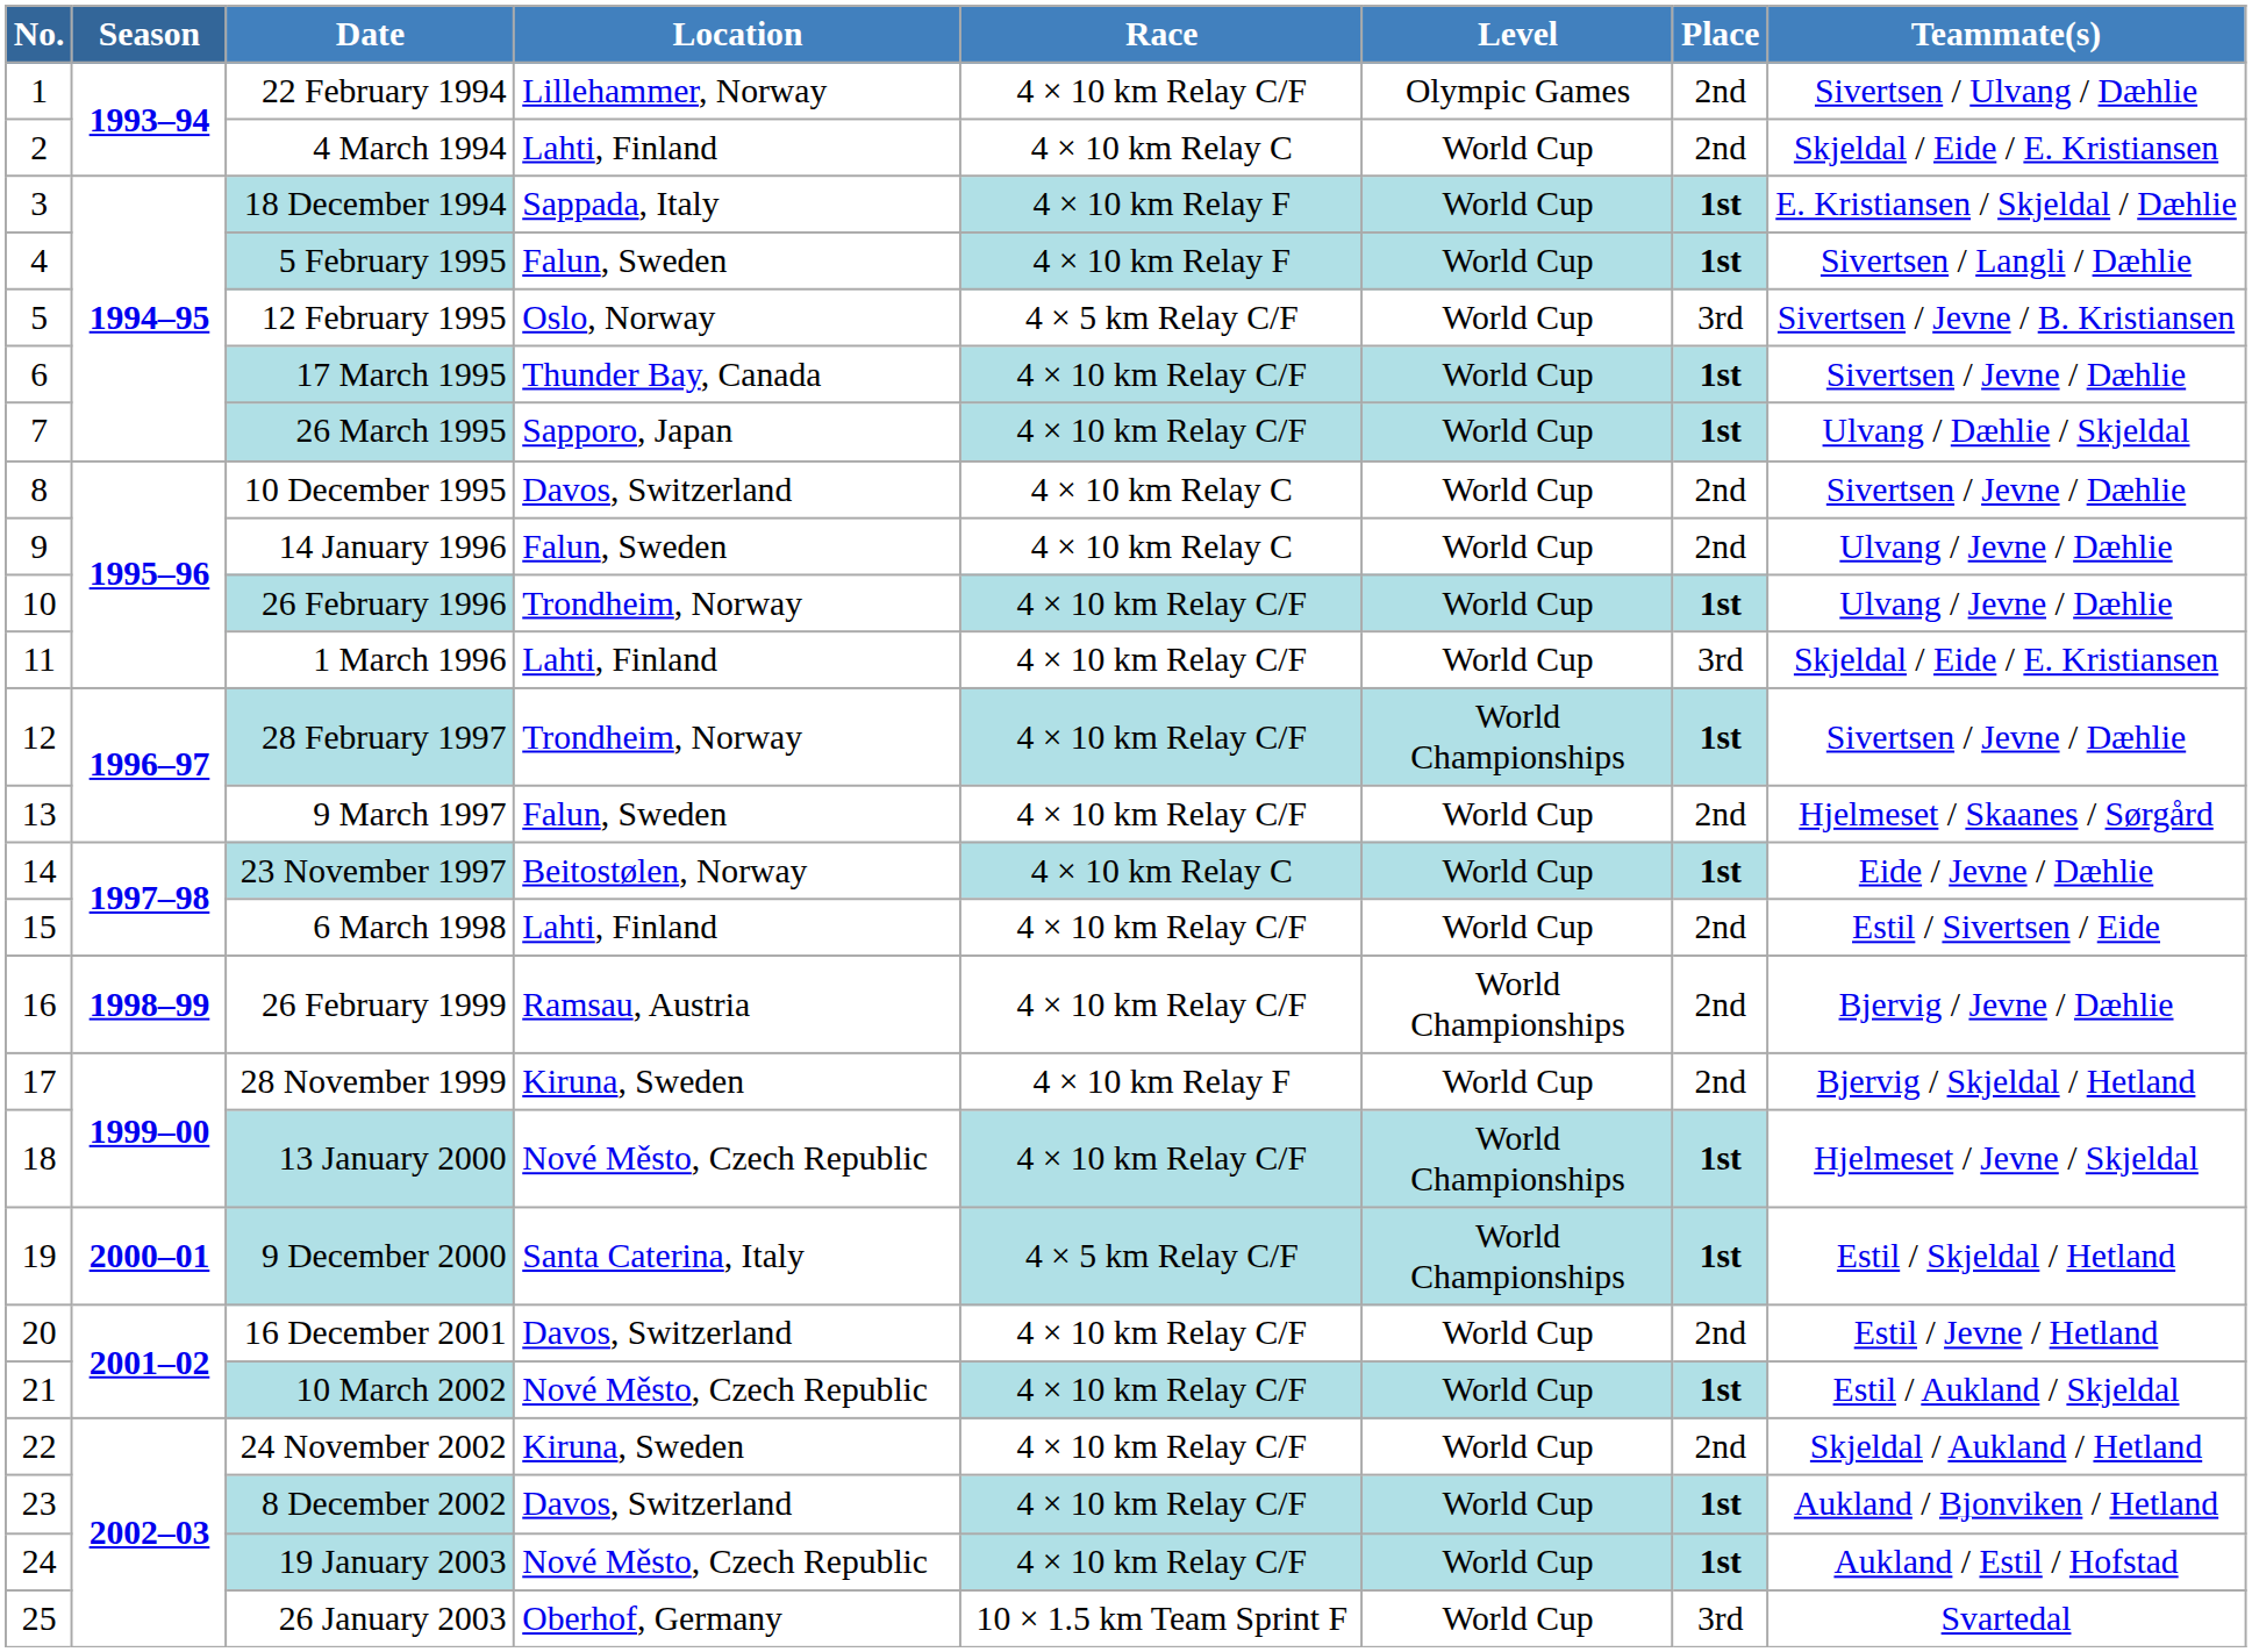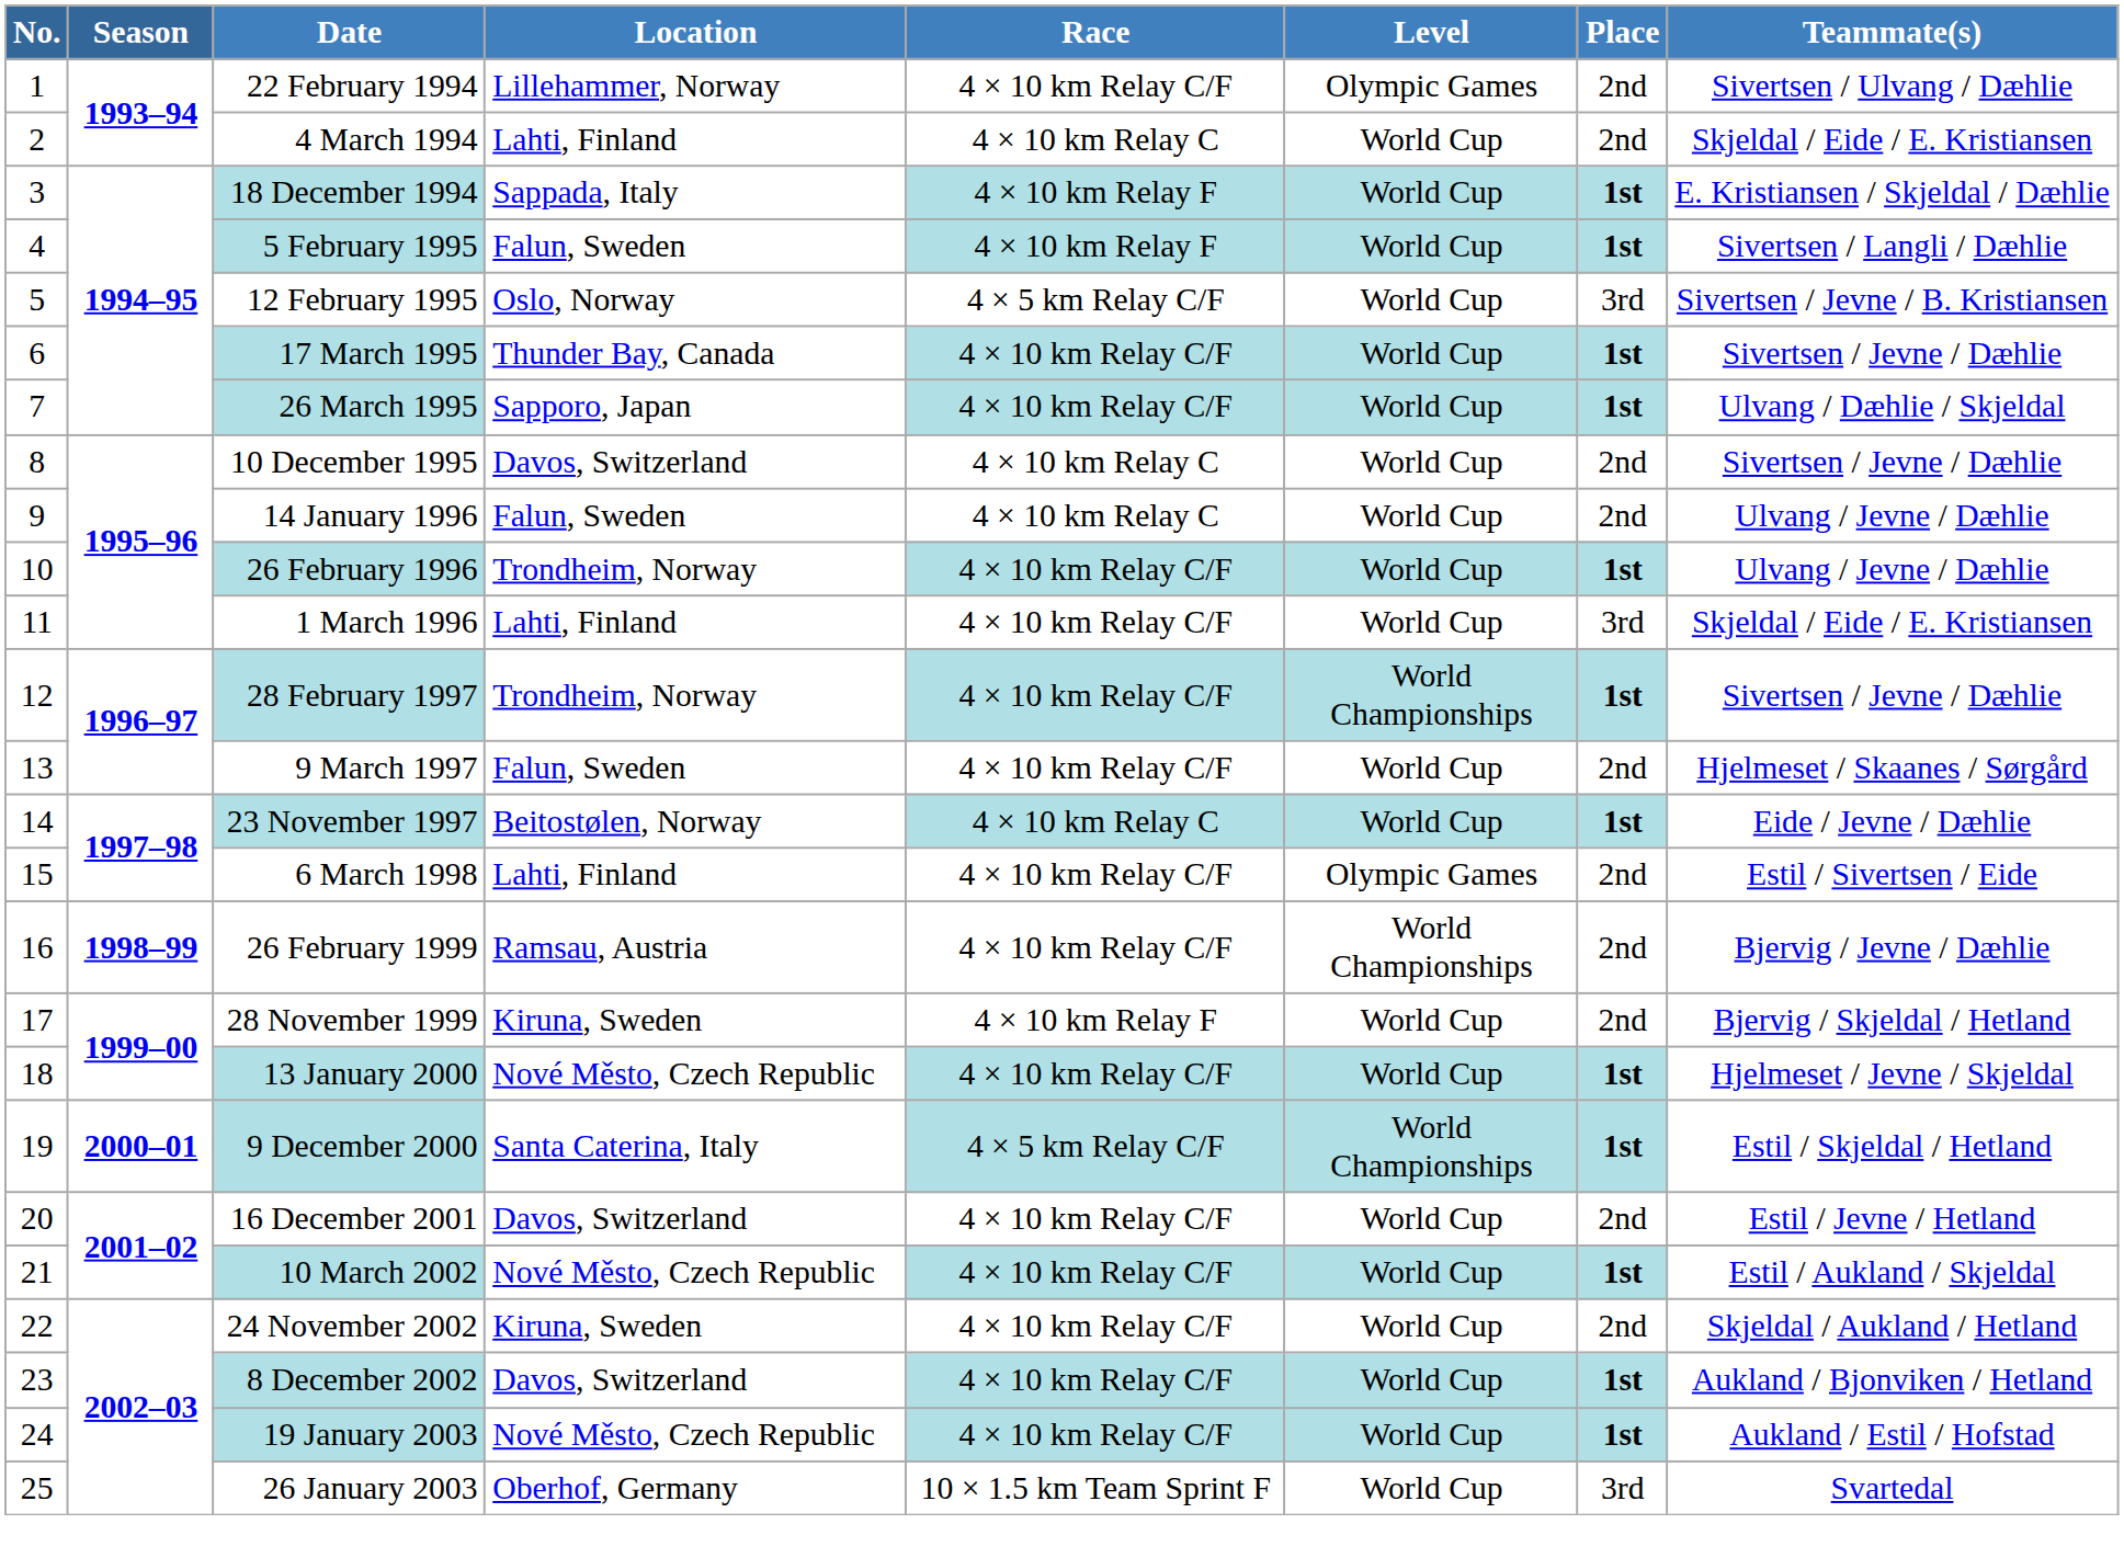 <table class="wikitable sortable" style="font-size:95%; text-align:center; border:grey solid 1px; border-collapse:collapse; background:#ffffff;">
 <tr style="background:#efefef;">
 <th style="background-color:#369; color:white;">No.</th>
 <th style="background-color:#369; color:white;">Season</th>
 <th style="background-color:#4180be; color:white; width:120px;">Date</th>
 <th style="background-color:#4180be; color:white; width:190px;">Location</th>
 <th style="background-color:#4180be; color:white; width:170px;">Race</th>
 <th style="background-color:#4180be; color:white; width:130px;">Level</th>
 <th style="background-color:#4180be; color:white;">Place</th>
 <th style="background-color:#4180be; color:white;">Teammate(s)</th>
 </tr>
 <tr>
 <td align=center>1</td>
 <td rowspan=2 align=center><strong> <a href='#'>1993–94</a> </strong></td>
 <td align=right>22 February 1994</td>
 <td align=left> <a href='#'>Lillehammer</a>, Norway</td>
 <td>4 × 10 km Relay C/F</td>
 <td>Olympic Games</td>
 <td>2nd</td>
 <td><a href='#'>Sivertsen</a> / <a href='#'>Ulvang</a> / <a href='#'>Dæhlie</a></td>
 </tr>
 <tr>
 <td align=center>2</td>
 <td align=right>4 March 1994</td>
 <td align=left> <a href='#'>Lahti</a>, Finland</td>
 <td>4 × 10 km Relay C</td>
 <td>World Cup</td>
 <td>2nd</td>
 <td><a href='#'>Skjeldal</a> / <a href='#'>Eide</a> / <a href='#'>E. Kristiansen</a></td>
 </tr>
 <tr>
 <td align=center>3</td>
 <td rowspan=5 align=center><strong><a href='#'>1994–95</a></strong></td>
 <td bgcolor="#BOEOE6" align=right>18 December 1994</td>
 <td align=left> <a href='#'>Sappada</a>, Italy</td>
 <td bgcolor="#BOEOE6">4 × 10 km Relay F</td>
 <td bgcolor="#BOEOE6">World Cup</td>
 <td bgcolor="#BOEOE6"><strong>1st</strong></td>
 <td><a href='#'>E. Kristiansen</a> / <a href='#'>Skjeldal</a> / <a href='#'>Dæhlie</a></td>
 </tr>
 <tr>
 <td align=center>4</td>
 <td bgcolor="#BOEOE6" align=right>5 February 1995</td>
 <td align=left> <a href='#'>Falun</a>, Sweden</td>
 <td bgcolor="#BOEOE6">4 × 10 km Relay F</td>
 <td bgcolor="#BOEOE6">World Cup</td>
 <td bgcolor="#BOEOE6"><strong>1st</strong></td>
 <td><a href='#'>Sivertsen</a> / <a href='#'>Langli</a> / <a href='#'>Dæhlie</a></td>
 </tr>
 <tr>
 <td align=center>5</td>
 <td align=right>12 February 1995</td>
 <td align=left> <a href='#'>Oslo</a>, Norway</td>
 <td>4 × 5 km Relay C/F</td>
 <td>World Cup</td>
 <td>3rd</td>
 <td><a href='#'>Sivertsen</a> / <a href='#'>Jevne</a> / <a href='#'>B. Kristiansen</a></td>
 </tr>
 <tr>
 <td align=center>6</td>
 <td bgcolor="#BOEOE6" align=right>17 March 1995</td>
 <td align=left> <a href='#'>Thunder Bay</a>, Canada</td>
 <td bgcolor="#BOEOE6">4 × 10 km Relay C/F</td>
 <td bgcolor="#BOEOE6">World Cup</td>
 <td bgcolor="#BOEOE6"><strong>1st</strong></td>
 <td><a href='#'>Sivertsen</a> / <a href='#'>Jevne</a> / <a href='#'>Dæhlie</a></td>
 </tr>
 <tr>
 <td align=center>7</td>
 <td bgcolor="#BOEOE6" align=right>26 March 1995</td>
 <td align=left> <a href='#'>Sapporo</a>, Japan</td>
 <td bgcolor="#BOEOE6">4 × 10 km Relay C/F</td>
 <td bgcolor="#BOEOE6">World Cup</td>
 <td bgcolor="#BOEOE6"><strong>1st</strong></td>
 <td><a href='#'>Ulvang</a> / <a href='#'>Dæhlie</a> / <a href='#'>Skjeldal</a></td>
 </tr>
 <tr>
 <td align=center>8</td>
 <td rowspan=4 align=center><strong> <a href='#'>1995–96</a> </strong></td>
 <td align=right>10 December 1995</td>
 <td align=left> <a href='#'>Davos</a>, Switzerland</td>
 <td>4 × 10 km Relay C</td>
 <td>World Cup</td>
 <td>2nd</td>
 <td><a href='#'>Sivertsen</a> / <a href='#'>Jevne</a> / <a href='#'>Dæhlie</a></td>
 </tr>
 <tr>
 <td align=center>9</td>
 <td align=right>14 January 1996</td>
 <td align=left> <a href='#'>Falun</a>, Sweden</td>
 <td>4 × 10 km Relay C</td>
 <td>World Cup</td>
 <td>2nd</td>
 <td><a href='#'>Ulvang</a> / <a href='#'>Jevne</a> / <a href='#'>Dæhlie</a></td>
 </tr>
 <tr>
 <td align=center>10</td>
 <td bgcolor="#BOEOE6" align=right>26 February 1996</td>
 <td align=left> <a href='#'>Trondheim</a>, Norway</td>
 <td bgcolor="#BOEOE6">4 × 10 km Relay C/F</td>
 <td bgcolor="#BOEOE6">World Cup</td>
 <td bgcolor="#BOEOE6"><strong>1st</strong></td>
 <td><a href='#'>Ulvang</a> / <a href='#'>Jevne</a> / <a href='#'>Dæhlie</a></td>
 </tr>
 <tr>
 <td align=center>11</td>
 <td align=right>1 March 1996</td>
 <td align=left> <a href='#'>Lahti</a>, Finland</td>
 <td>4 × 10 km Relay C/F</td>
 <td>World Cup</td>
 <td>3rd</td>
 <td><a href='#'>Skjeldal</a> / <a href='#'>Eide</a> / <a href='#'>E. Kristiansen</a></td>
 </tr>
 <tr>
 <td align=center>12</td>
 <td rowspan=2 align=center><strong><a href='#'>1996–97</a></strong></td>
 <td bgcolor="#BOEOE6" align=right>28 February 1997</td>
 <td align=left> <a href='#'>Trondheim</a>, Norway</td>
 <td bgcolor="#BOEOE6">4 × 10 km Relay C/F</td>
 <td bgcolor="#BOEOE6">World Championships</td>
 <td bgcolor="#BOEOE6"><strong>1st</strong></td>
 <td><a href='#'>Sivertsen</a> / <a href='#'>Jevne</a> / <a href='#'>Dæhlie</a></td>
 </tr>
 <tr>
 <td align=center>13</td>
 <td align=right>9 March 1997</td>
 <td align=left> <a href='#'>Falun</a>, Sweden</td>
 <td>4 × 10 km Relay C/F</td>
 <td>World Cup</td>
 <td>2nd</td>
 <td><a href='#'>Hjelmeset</a> / <a href='#'>Skaanes</a> / <a href='#'>Sørgård</a></td>
 </tr>
 <tr>
 <td align=center>14</td>
 <td rowspan=2 align=center><strong><a href='#'>1997–98</a></strong></td>
 <td bgcolor="#BOEOE6" align=right>23 November 1997</td>
 <td align=left> <a href='#'>Beitostølen</a>, Norway</td>
 <td bgcolor="#BOEOE6">4 × 10 km Relay C</td>
 <td bgcolor="#BOEOE6">World Cup</td>
 <td bgcolor="#BOEOE6"><strong>1st</strong></td>
 <td><a href='#'>Eide</a> / <a href='#'>Jevne</a> / <a href='#'>Dæhlie</a></td>
 </tr>
 <tr>
 <td align=center>15</td>
 <td align=right>6 March 1998</td>
 <td align=left> <a href='#'>Lahti</a>, Finland</td>
 <td>4 × 10 km Relay C/F</td>
-<td>World Cup</td>
+<td>Olympic Games</td>
 <td>2nd</td>
 <td><a href='#'>Estil</a> / <a href='#'>Sivertsen</a> / <a href='#'>Eide</a></td>
 </tr>
 <tr>
 <td align=center>16</td>
 <td rowspan=1 align=center><strong> <a href='#'>1998–99</a> </strong></td>
 <td align=right>26 February 1999</td>
 <td align=left> <a href='#'>Ramsau</a>, Austria</td>
 <td>4 × 10 km Relay C/F</td>
 <td>World Championships</td>
 <td>2nd</td>
 <td><a href='#'>Bjervig</a> / <a href='#'>Jevne</a> / <a href='#'>Dæhlie</a></td>
 </tr>
 <tr>
 <td align=center>17</td>
 <td rowspan=2 align=center><strong> <a href='#'>1999–00</a> </strong></td>
 <td align=right>28 November 1999</td>
 <td align=left> <a href='#'>Kiruna</a>, Sweden</td>
 <td>4 × 10 km Relay F</td>
 <td>World Cup</td>
 <td>2nd</td>
 <td><a href='#'>Bjervig</a> / <a href='#'>Skjeldal</a> / <a href='#'>Hetland</a></td>
 </tr>
 <tr>
 <td align=center>18</td>
 <td bgcolor="#BOEOE6" align=right>13 January 2000</td>
 <td align=left> <a href='#'>Nové Město</a>, Czech Republic</td>
 <td bgcolor="#BOEOE6">4 × 10 km Relay C/F</td>
-<td bgcolor="#BOEOE6">World Championships</td>
+<td bgcolor="#BOEOE6">World Cup</td>
 <td bgcolor="#BOEOE6"><strong>1st</strong></td>
 <td><a href='#'>Hjelmeset</a> / <a href='#'>Jevne</a> / <a href='#'>Skjeldal</a></td>
 </tr>
 <tr>
 <td align=center>19</td>
 <td rowspan=1 align=center><strong><a href='#'>2000–01</a></strong></td>
 <td bgcolor="#BOEOE6" align=right>9 December 2000</td>
 <td align=left> <a href='#'>Santa Caterina</a>, Italy</td>
 <td bgcolor="#BOEOE6">4 × 5 km Relay C/F</td>
 <td bgcolor="#BOEOE6">World Championships</td>
 <td bgcolor="#BOEOE6"><strong>1st</strong></td>
 <td><a href='#'>Estil</a> / <a href='#'>Skjeldal</a> / <a href='#'>Hetland</a></td>
 </tr>
 <tr>
 <td align=center>20</td>
 <td rowspan=2 align=center><strong> <a href='#'>2001–02</a> </strong></td>
 <td align=right>16 December 2001</td>
 <td align=left> <a href='#'>Davos</a>, Switzerland</td>
 <td>4 × 10 km Relay C/F</td>
 <td>World Cup</td>
 <td>2nd</td>
 <td><a href='#'>Estil</a> / <a href='#'>Jevne</a> / <a href='#'>Hetland</a></td>
 </tr>
 <tr>
 <td align=center>21</td>
 <td bgcolor="#BOEOE6" align=right>10 March 2002</td>
 <td align=left> <a href='#'>Nové Město</a>, Czech Republic</td>
 <td bgcolor="#BOEOE6">4 × 10 km Relay C/F</td>
 <td bgcolor="#BOEOE6">World Cup</td>
 <td bgcolor="#BOEOE6"><strong>1st</strong></td>
 <td><a href='#'>Estil</a> / <a href='#'>Aukland</a> / <a href='#'>Skjeldal</a></td>
 </tr>
 <tr>
 <td align=center>22</td>
 <td rowspan=4 align=center><strong> <a href='#'>2002–03</a> </strong></td>
 <td align=right>24 November 2002</td>
 <td align=left> <a href='#'>Kiruna</a>, Sweden</td>
 <td>4 × 10 km Relay C/F</td>
 <td>World Cup</td>
 <td>2nd</td>
 <td><a href='#'>Skjeldal</a> / <a href='#'>Aukland</a> / <a href='#'>Hetland</a></td>
 </tr>
 <tr>
 <td align=center>23</td>
 <td bgcolor="#BOEOE6" align=right>8 December 2002</td>
 <td align=left> <a href='#'>Davos</a>, Switzerland</td>
 <td bgcolor="#BOEOE6">4 × 10 km Relay C/F</td>
 <td bgcolor="#BOEOE6">World Cup</td>
 <td bgcolor="#BOEOE6"><strong>1st</strong></td>
 <td><a href='#'>Aukland</a> / <a href='#'>Bjonviken</a> / <a href='#'>Hetland</a></td>
 </tr>
 <tr>
 <td align=center>24</td>
 <td bgcolor="#BOEOE6" align=right>19 January 2003</td>
 <td align=left> <a href='#'>Nové Město</a>, Czech Republic</td>
 <td bgcolor="#BOEOE6">4 × 10 km Relay C/F</td>
 <td bgcolor="#BOEOE6">World Cup</td>
 <td bgcolor="#BOEOE6"><strong>1st</strong></td>
 <td><a href='#'>Aukland</a> / <a href='#'>Estil</a> / <a href='#'>Hofstad</a></td>
 </tr>
 <tr>
 <td align=center>25</td>
 <td align=right>26 January 2003</td>
 <td align=left> <a href='#'>Oberhof</a>, Germany</td>
 <td>10 × 1.5 km Team Sprint F</td>
 <td>World Cup</td>
 <td>3rd</td>
 <td><a href='#'>Svartedal</a></td>
 </tr>
 </table>
